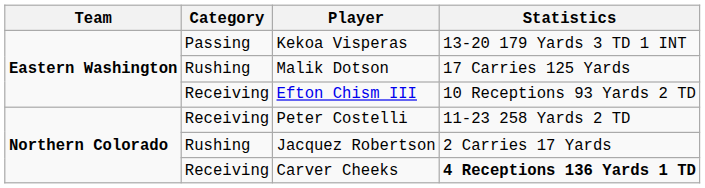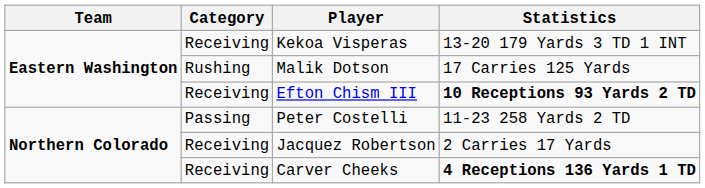 <table class="wikitable" style="float: right;">
 <tr>
 <th>Team</th>
 <th>Category</th>
 <th>Player</th>
 <th>Statistics</th>
 </tr>
 <tr>
 <td rowspan=3><strong>Eastern Washington</strong></td>
-<td>Passing</td>
+<td>Receiving</td>
 <td>Kekoa Visperas</td>
 <td>13-20 179 Yards 3 TD 1 INT</td>
 </tr>
 <tr>
 <td>Rushing</td>
 <td>Malik Dotson</td>
 <td>17 Carries 125 Yards</td>
 </tr>
 <tr>
 <td>Receiving</td>
 <td><a href='#'>Efton Chism III</a></td>
-<td>10 Receptions 93 Yards 2 TD</td>
+<td><strong>10 Receptions 93 Yards 2 TD</strong></td>
 </tr>
 <tr>
 <td rowspan=3><strong>Northern Colorado</strong></td>
-<td>Receiving</td>
+<td>Passing</td>
 <td>Peter Costelli</td>
 <td>11-23 258 Yards 2 TD</td>
 </tr>
 <tr>
-<td>Rushing</td>
+<td>Receiving</td>
 <td>Jacquez Robertson</td>
 <td>2 Carries 17 Yards</td>
 </tr>
 <tr>
 <td>Receiving</td>
 <td>Carver Cheeks</td>
 <td><strong>4 Receptions 136 Yards 1 TD</strong></td>
 </tr>
 </table>
